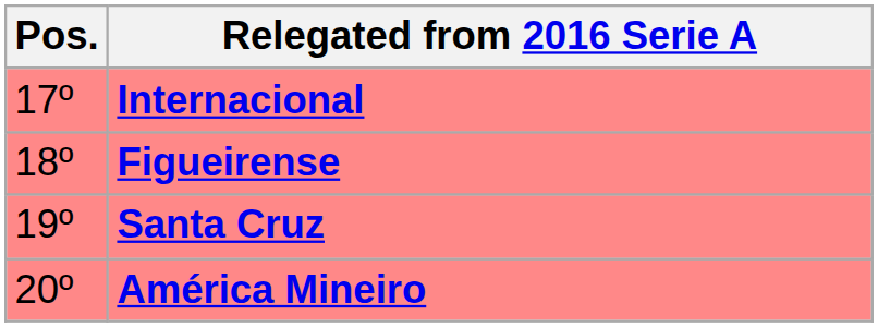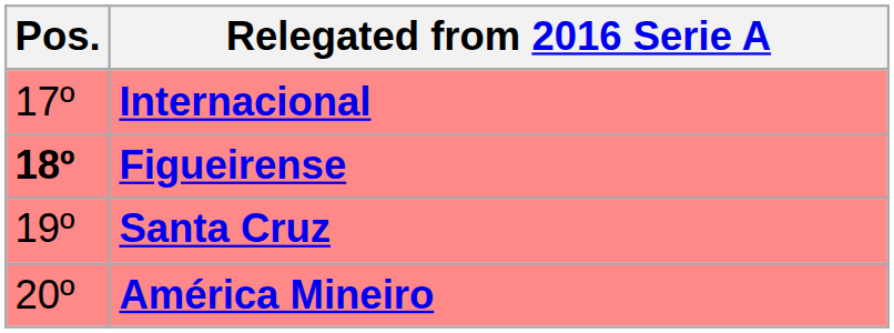 <table class="wikitable">
 <tr>
 <th align="center">Pos.</th>
 <th width=300>Relegated from <a href='#'>2016 Serie A</a></th>
 </tr>
 <tr style="background: #FF8888;">
 <td>17º</td>
 <td><strong><a href='#'>Internacional</a></strong></td>
 </tr>
 <tr style="background: #FF8888;">
-<td>18º</td>
+<td><strong>18º</strong></td>
 <td><strong><a href='#'>Figueirense</a></strong></td>
 </tr>
 <tr style="background: #FF8888;">
 <td>19º</td>
 <td><strong><a href='#'>Santa Cruz</a></strong></td>
 </tr>
 <tr style="background: #FF8888;">
 <td>20º</td>
 <td><strong><a href='#'>América Mineiro</a></strong></td>
 </tr>
 </table>
